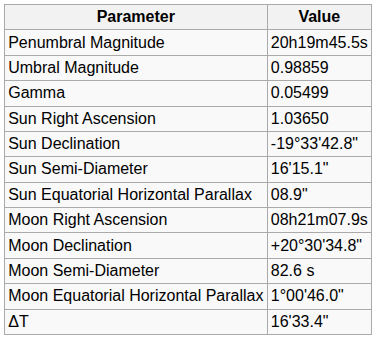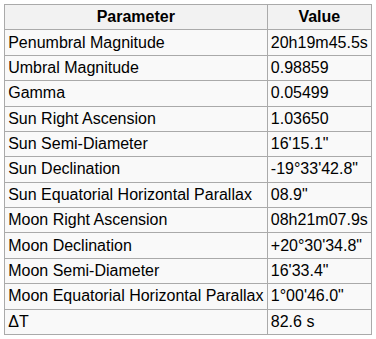 <table class="wikitable">
 <tr>
 <th>Parameter</th>
 <th>Value</th>
 </tr>
 <tr>
 <td>Penumbral Magnitude</td>
 <td>20h19m45.5s</td>
 </tr>
 <tr>
 <td>Umbral Magnitude</td>
 <td>0.98859</td>
 </tr>
 <tr>
 <td>Gamma</td>
 <td>0.05499</td>
 </tr>
 <tr>
 <td>Sun Right Ascension</td>
 <td>1.03650</td>
 </tr>
 <tr>
+<td>Sun Semi-Diameter</td>
+<td>16'15.1"</td>
+</tr>
+<tr>
 <td>Sun Declination</td>
 <td>-19°33'42.8"</td>
-</tr>
-<tr>
-<td>Sun Semi-Diameter</td>
-<td>16'15.1"</td>
 </tr>
 <tr>
 <td>Sun Equatorial Horizontal Parallax</td>
 <td>08.9"</td>
 </tr>
 <tr>
 <td>Moon Right Ascension</td>
 <td>08h21m07.9s</td>
 </tr>
 <tr>
 <td>Moon Declination</td>
 <td>+20°30'34.8"</td>
 </tr>
 <tr>
 <td>Moon Semi-Diameter</td>
-<td>82.6 s</td>
+<td>16'33.4"</td>
 </tr>
 <tr>
 <td>Moon Equatorial Horizontal Parallax</td>
 <td>1°00'46.0"</td>
 </tr>
 <tr>
 <td>ΔT</td>
-<td>16'33.4"</td>
+<td>82.6 s</td>
 </tr>
 </table>
